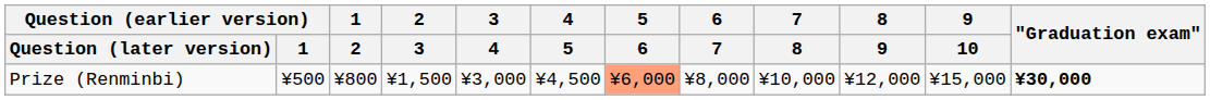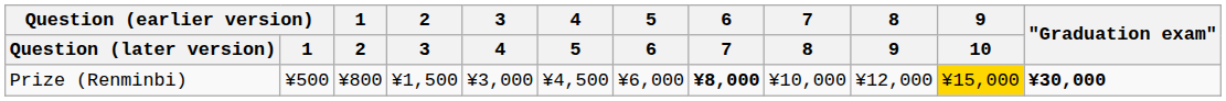 <table class="wikitable">
 <tr>
 <th colspan=2>Question (earlier version)</th>
 <th>1</th>
 <th>2</th>
 <th>3</th>
 <th>4</th>
 <th>5</th>
 <th>6</th>
 <th>7</th>
 <th>8</th>
 <th>9</th>
 <th rowspan=2>"Graduation exam"</th>
 </tr>
 <tr>
 <th>Question (later version)</th>
 <th>1</th>
 <th>2</th>
 <th>3</th>
 <th>4</th>
 <th>5</th>
 <th>6</th>
 <th>7</th>
 <th>8</th>
 <th>9</th>
 <th>10</th>
 </tr>
 <tr>
 <td>Prize (Renminbi)</td>
 <td>¥500</td>
 <td>¥800</td>
 <td>¥1,500</td>
 <td>¥3,000</td>
 <td>¥4,500</td>
-<td style="background: lightsalmon;">¥6,000</td>
-<td>¥8,000</td>
+<td>¥6,000</td>
+<td><strong>¥8,000</strong></td>
 <td>¥10,000</td>
 <td>¥12,000</td>
-<td>¥15,000</td>
+<td style="background: gold;">¥15,000</td>
 <td><strong>¥30,000</strong></td>
 </tr>
 </table>
